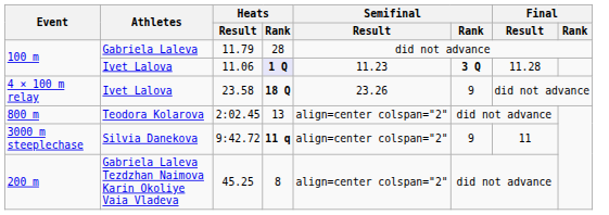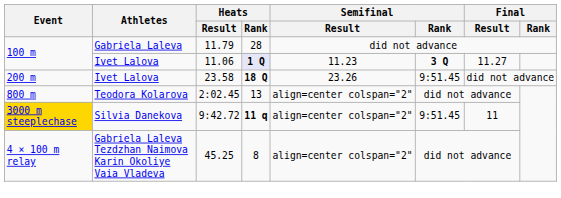 <table class="wikitable" border="1" style="font-size:90%">
 <tr>
 <th rowspan="2" width=100>Event</th>
 <th rowspan="2" width=120>Athletes</th>
 <th colspan="2">Heats</th>
 <th colspan="2">Semifinal</th>
 <th colspan="2">Final</th>
 </tr>
 <tr>
 <th>Result</th>
 <th>Rank</th>
 <th>Result</th>
 <th>Rank</th>
 <th>Result</th>
 <th>Rank</th>
 </tr>
 <tr>
 <td rowspan=2><a href='#'>100 m</a></td>
 <td><a href='#'>Gabriela Laleva</a></td>
 <td align=center>11.79</td>
 <td align=center>28</td>
 <td align=center colspan="4">did not advance</td>
 </tr>
 <tr>
 <td><a href='#'>Ivet Lalova</a></td>
 <td align=center>11.06</td>
 <td align=center style="background: lavender;"><strong>1 Q</strong></td>
 <td align=center>11.23</td>
 <td align=center><strong>3 Q</strong></td>
-<td align=center>11.28</td>
+<td align=center>11.27</td>
 <td align=center></td>
 </tr>
 <tr>
-<td><a href='#'>4 × 100 m relay</a></td>
+<td><a href='#'>200 m</a></td>
 <td><a href='#'>Ivet Lalova</a></td>
 <td align=center>23.58</td>
 <td align=center><strong>18 Q</strong></td>
 <td align=center>23.26</td>
-<td align=center>9</td>
+<td align=center>9:51.45</td>
 <td align=center colspan="2">did not advance</td>
 </tr>
 <tr>
 <td><a href='#'>800 m</a></td>
 <td><a href='#'>Teodora Kolarova</a></td>
 <td align=center>2:02.45</td>
 <td align=center>13</td>
 <td>align=center colspan="2" </td>
 <td align=center colspan="2">did not advance</td>
 </tr>
 <tr>
-<td><a href='#'>3000 m steeplechase</a></td>
+<td style="background: gold;"><a href='#'>3000 m steeplechase</a></td>
 <td><a href='#'>Silvia Danekova</a></td>
 <td align=center>9:42.72</td>
 <td align=center><strong>11 q</strong></td>
 <td>align=center colspan="2" </td>
-<td align=center>9</td>
+<td align=center>9:51.45</td>
 <td align=center>11</td>
 </tr>
 <tr>
-<td><a href='#'>200 m</a></td>
+<td><a href='#'>4 × 100 m relay</a></td>
 <td><a href='#'>Gabriela Laleva</a><br><a href='#'>Tezdzhan Naimova</a><br><a href='#'>Karin Okoliye</a><br><a href='#'>Vaia Vladeva</a></td>
 <td align=center>45.25</td>
 <td align=center>8</td>
 <td>align=center colspan="2" </td>
 <td align=center colspan="2">did not advance</td>
 </tr>
 </table>
